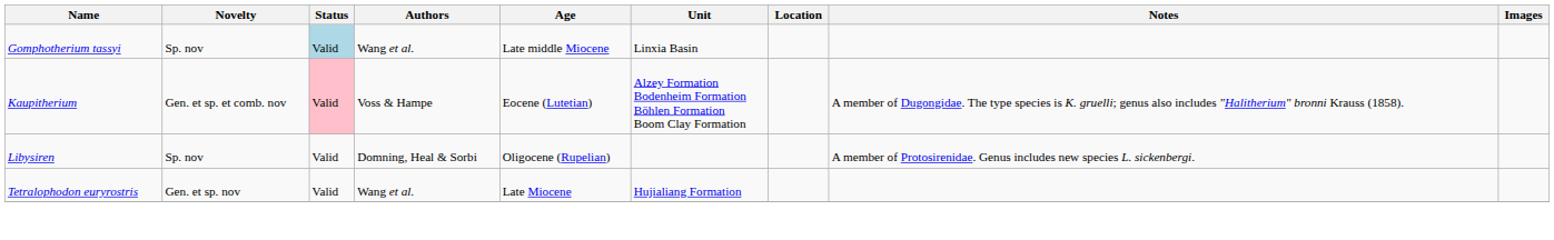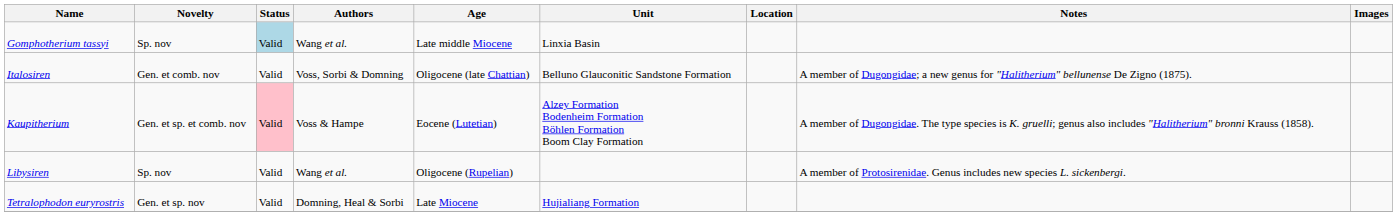 <table class="wikitable sortable" align="center" width="100%">
 <tr>
 <th>Name</th>
 <th>Novelty</th>
 <th>Status</th>
 <th>Authors</th>
 <th>Age</th>
 <th>Unit</th>
 <th>Location</th>
 <th>Notes</th>
 <th>Images</th>
 </tr>
 <tr>
 <td><br><em><a href='#'>Gomphotherium tassyi</a></em></td>
 <td><br>Sp. nov</td>
 <td style="background: lightblue;"><br>Valid</td>
 <td><br>Wang <em>et al.</em></td>
 <td><br>Late middle <a href='#'>Miocene</a></td>
 <td><br>Linxia Basin</td>
 <td><br></td>
 <td></td>
 <td></td>
 </tr>
 <tr>
+<td><br><em><a href='#'>Italosiren</a></em></td>
+<td><br>Gen. et comb. nov</td>
+<td><br>Valid</td>
+<td><br>Voss, Sorbi & Domning</td>
+<td><br>Oligocene (late <a href='#'>Chattian</a>)</td>
+<td><br>Belluno Glauconitic Sandstone Formation</td>
+<td><br></td>
+<td><br>A member of <a href='#'>Dugongidae</a>; a new genus for <em>"<a href='#'>Halitherium</a>" bellunense</em> De Zigno (1875).</td>
+<td></td>
+</tr>
+<tr>
 <td><br><em><a href='#'>Kaupitherium</a></em></td>
 <td><br>Gen. et sp. et comb. nov</td>
 <td style="background: pink;"><br>Valid</td>
 <td><br>Voss & Hampe</td>
 <td><br>Eocene (<a href='#'>Lutetian</a>)</td>
 <td><br><a href='#'>Alzey Formation</a><br> <a href='#'>Bodenheim Formation</a><br> <a href='#'>Böhlen Formation</a><br> Boom Clay Formation</td>
 <td><br><br> <br> <br> <br> </td>
 <td><br>A member of <a href='#'>Dugongidae</a>. The type species is <em>K. gruelli</em>; genus also includes <em>"<a href='#'>Halitherium</a>" bronni</em> Krauss (1858).</td>
 <td></td>
 </tr>
 <tr>
 <td><br><em><a href='#'>Libysiren</a></em></td>
 <td><br>Sp. nov</td>
 <td><br>Valid</td>
-<td><br>Domning, Heal & Sorbi</td>
+<td><br>Wang <em>et al.</em></td>
 <td><br>Oligocene (<a href='#'>Rupelian</a>)</td>
 <td></td>
 <td><br></td>
 <td><br>A member of <a href='#'>Protosirenidae</a>. Genus includes new species <em>L. sickenbergi</em>.</td>
 <td></td>
 </tr>
 <tr>
 <td><br><em><a href='#'>Tetralophodon euryrostris</a></em></td>
 <td><br>Gen. et sp. nov</td>
 <td><br>Valid</td>
-<td><br>Wang <em>et al.</em></td>
+<td><br>Domning, Heal & Sorbi</td>
 <td><br>Late <a href='#'>Miocene</a></td>
 <td><br><a href='#'>Hujialiang Formation</a></td>
 <td><br></td>
 <td></td>
 <td></td>
 </tr>
 <tr>
 </tr>
 </table>
